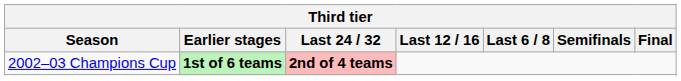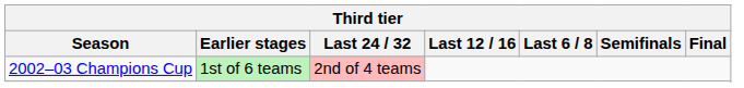 <table class="wikitable" style="font-size:90%">
 <tr>
 <th colspan=7>Third tier</th>
 </tr>
 <tr>
 <th>Season</th>
 <th>Earlier stages</th>
 <th>Last 24 / 32</th>
 <th>Last 12 / 16</th>
 <th>Last 6 / 8</th>
 <th>Semifinals</th>
 <th>Final</th>
 </tr>
 <tr>
 <td><a href='#'>2002–03 Champions Cup</a></td>
-<td bgcolor=#BBF3BB><strong>1st of 6 teams</strong></td>
-<td bgcolor=#FFBBBB><strong>2nd of 4 teams</strong></td>
+<td bgcolor=#BBF3BB>1st of 6 teams</td>
+<td bgcolor=#FFBBBB>2nd of 4 teams</td>
 </tr>
 <tr>
 </tr>
 </table>
